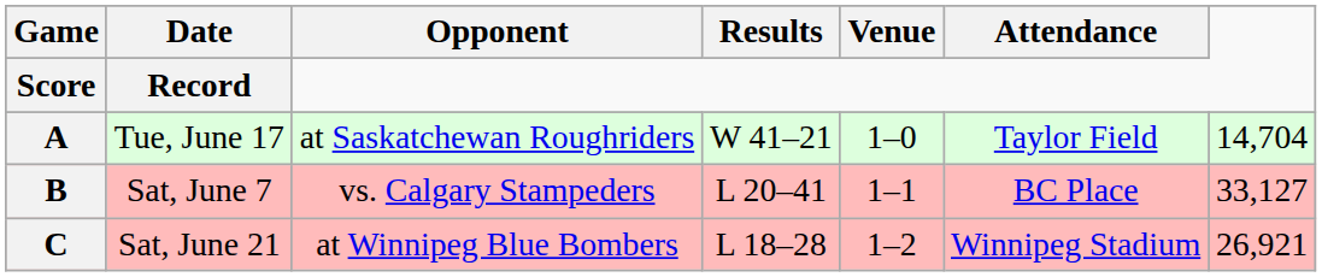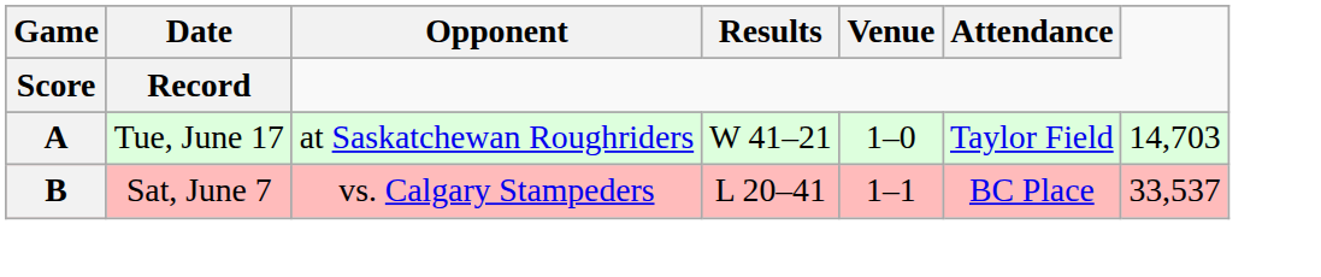 <table class="wikitable" style="text-align:center">
 <tr>
 <th>Game</th>
 <th>Date</th>
 <th>Opponent</th>
 <th>Results</th>
 <th>Venue</th>
 <th>Attendance</th>
 </tr>
 <tr>
 <th>Score</th>
 <th>Record</th>
 </tr>
 <tr style="background:#ddffdd">
 <th>A</th>
 <td>Tue, June 17</td>
 <td>at <a href='#'>Saskatchewan Roughriders</a></td>
 <td>W 41–21</td>
 <td>1–0</td>
 <td><a href='#'>Taylor Field</a></td>
-<td>14,704</td>
+<td>14,703</td>
 </tr>
 <tr style="background:#ffbbbb">
 <th>B</th>
 <td>Sat, June 7</td>
 <td>vs. <a href='#'>Calgary Stampeders</a></td>
 <td>L 20–41</td>
 <td>1–1</td>
 <td><a href='#'>BC Place</a></td>
-<td>33,127</td>
-</tr>
-<tr style="background:#ffbbbb">
-<th>C</th>
-<td>Sat, June 21</td>
-<td>at <a href='#'>Winnipeg Blue Bombers</a></td>
-<td>L 18–28</td>
-<td>1–2</td>
-<td><a href='#'>Winnipeg Stadium</a></td>
-<td>26,921</td>
+<td>33,537</td>
 </tr>
 </table>
